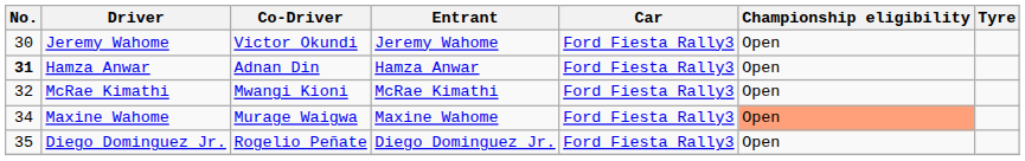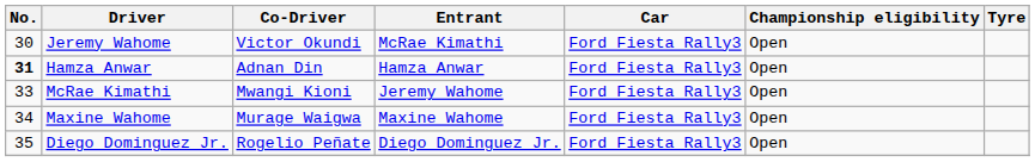 <table class="wikitable" style="font-size: 85%;">
 <tr>
 <th>No.</th>
 <th>Driver</th>
 <th>Co-Driver</th>
 <th>Entrant</th>
 <th>Car</th>
 <th>Championship eligibility</th>
 <th>Tyre</th>
 </tr>
 <tr>
 <td align="center">30</td>
 <td> <a href='#'>Jeremy Wahome</a></td>
 <td> <a href='#'>Victor Okundi</a></td>
-<td> <a href='#'>Jeremy Wahome</a></td>
+<td> <a href='#'>McRae Kimathi</a></td>
 <td><a href='#'>Ford Fiesta Rally3</a></td>
 <td>Open</td>
 <td align="center"></td>
 </tr>
 <tr>
 <td align="center"><strong>31</strong></td>
 <td> <a href='#'>Hamza Anwar</a></td>
 <td> <a href='#'>Adnan Din</a></td>
 <td> <a href='#'>Hamza Anwar</a></td>
 <td><a href='#'>Ford Fiesta Rally3</a></td>
 <td>Open</td>
 <td align="center"></td>
 </tr>
 <tr>
-<td align="center">32</td>
+<td align="center">33</td>
 <td> <a href='#'>McRae Kimathi</a></td>
 <td> <a href='#'>Mwangi Kioni</a></td>
-<td> <a href='#'>McRae Kimathi</a></td>
+<td> <a href='#'>Jeremy Wahome</a></td>
 <td><a href='#'>Ford Fiesta Rally3</a></td>
 <td>Open</td>
 <td align="center"></td>
 </tr>
 <tr>
 <td align="center">34</td>
 <td> <a href='#'>Maxine Wahome</a></td>
 <td> <a href='#'>Murage Waigwa</a></td>
 <td> <a href='#'>Maxine Wahome</a></td>
 <td><a href='#'>Ford Fiesta Rally3</a></td>
-<td style="background: lightsalmon;">Open</td>
+<td>Open</td>
 <td align="center"></td>
 </tr>
 <tr>
 <td align="center">35</td>
 <td> <a href='#'>Diego Dominguez Jr.</a></td>
 <td> <a href='#'>Rogelio Peñate</a></td>
 <td> <a href='#'>Diego Dominguez Jr.</a></td>
 <td><a href='#'>Ford Fiesta Rally3</a></td>
 <td>Open</td>
 <td align="center"></td>
 </tr>
 <tr>
 </tr>
 </table>
